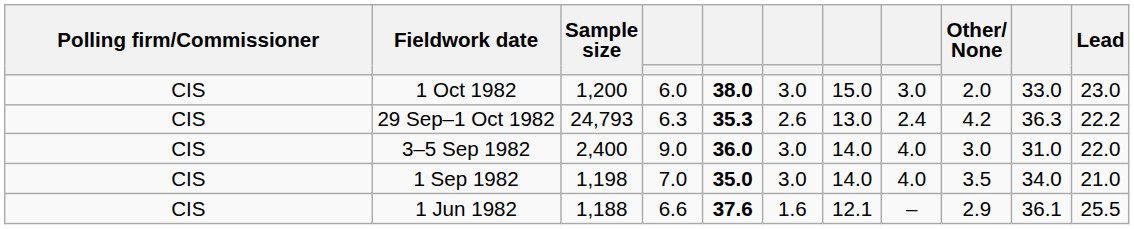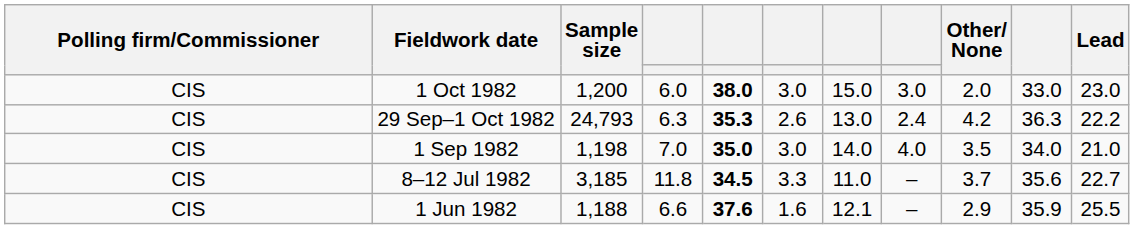 <table class="wikitable collapsible collapsed" style="text-align:center; font-size:90%; line-height:14px;">
 <tr style="height:42px;">
 <th style="width:250px;" rowspan="2">Polling firm/Commissioner</th>
 <th style="width:125px;" rowspan="2">Fieldwork date</th>
 <th style="width:50px;" rowspan="2">Sample size</th>
 <th style="width:35px;"></th>
 <th style="width:35px;"></th>
 <th style="width:35px;"></th>
 <th style="width:35px;"></th>
 <th style="width:35px;"></th>
 <th style="width:35px;" rowspan="2">Other/<br>None</th>
 <th style="width:35px;" rowspan="2"></th>
 <th style="width:30px;" rowspan="2">Lead</th>
 </tr>
 <tr>
 <th style="color:inherit;background:"></th>
 <th style="color:inherit;background:"></th>
 <th style="color:inherit;background:"></th>
 <th style="color:inherit;background:"></th>
 <th style="color:inherit;background:"></th>
 </tr>
 <tr>
 <td>CIS</td>
 <td>1 Oct 1982</td>
 <td>1,200</td>
 <td>6.0</td>
 <td><strong>38.0</strong></td>
 <td>3.0</td>
 <td>15.0</td>
 <td>3.0</td>
 <td>2.0</td>
 <td>33.0</td>
 <td style="background:">23.0</td>
 </tr>
 <tr>
 <td>CIS</td>
 <td>29 Sep–1 Oct 1982</td>
 <td>24,793</td>
 <td>6.3</td>
 <td><strong>35.3</strong></td>
 <td>2.6</td>
 <td>13.0</td>
 <td>2.4</td>
 <td>4.2</td>
 <td>36.3</td>
 <td style="background:">22.2</td>
 </tr>
 <tr>
 <td>CIS</td>
-<td>3–5 Sep 1982</td>
-<td>2,400</td>
-<td>9.0</td>
-<td><strong>36.0</strong></td>
-<td>3.0</td>
-<td>14.0</td>
-<td>4.0</td>
-<td>3.0</td>
-<td>31.0</td>
-<td style="background:">22.0</td>
-</tr>
-<tr>
-<td>CIS</td>
 <td>1 Sep 1982</td>
 <td>1,198</td>
 <td>7.0</td>
 <td><strong>35.0</strong></td>
 <td>3.0</td>
 <td>14.0</td>
 <td>4.0</td>
 <td>3.5</td>
 <td>34.0</td>
 <td style="background:">21.0</td>
 </tr>
 <tr>
 <td>CIS</td>
+<td>8–12 Jul 1982</td>
+<td>3,185</td>
+<td>11.8</td>
+<td><strong>34.5</strong></td>
+<td>3.3</td>
+<td>11.0</td>
+<td>–</td>
+<td>3.7</td>
+<td>35.6</td>
+<td style="background:">22.7</td>
+</tr>
+<tr>
+<td>CIS</td>
 <td>1 Jun 1982</td>
 <td>1,188</td>
 <td>6.6</td>
 <td><strong>37.6</strong></td>
 <td>1.6</td>
 <td>12.1</td>
 <td>–</td>
 <td>2.9</td>
-<td>36.1</td>
+<td>35.9</td>
 <td style="background:">25.5</td>
 </tr>
 </table>
